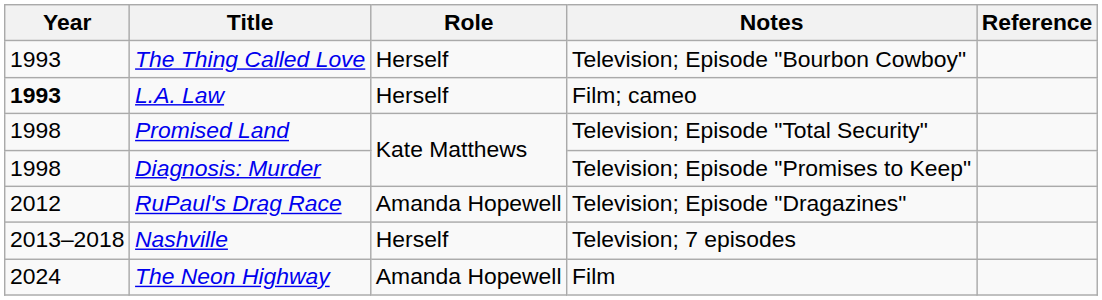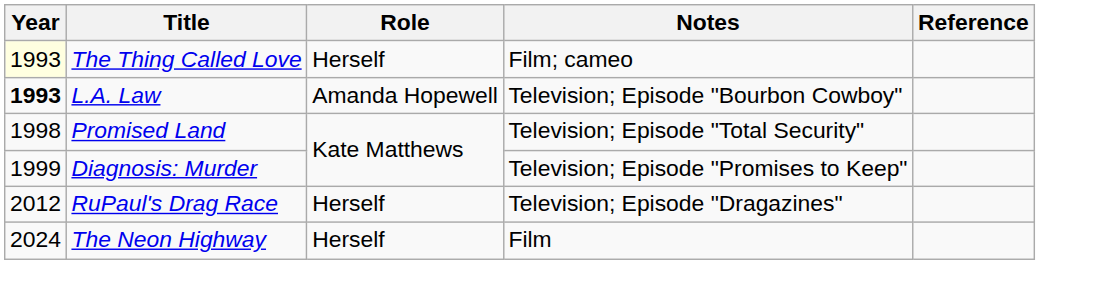 <table class="wikitable sortable">
 <tr>
 <th>Year</th>
 <th>Title</th>
 <th>Role</th>
 <th class="unsortable">Notes</th>
 <th>Reference</th>
 </tr>
 <tr>
-<td>1993</td>
+<td style="background: lightyellow;">1993</td>
 <td><em><a href='#'>The Thing Called Love</a></em></td>
 <td>Herself</td>
-<td>Television; Episode "Bourbon Cowboy"</td>
+<td>Film; cameo</td>
 <td></td>
 </tr>
 <tr>
 <td><strong>1993</strong></td>
 <td><em><a href='#'>L.A. Law</a></em></td>
-<td>Herself</td>
-<td>Film; cameo</td>
+<td>Amanda Hopewell</td>
+<td>Television; Episode "Bourbon Cowboy"</td>
 <td></td>
 </tr>
 <tr>
 <td>1998</td>
 <td><em><a href='#'>Promised Land</a></em></td>
 <td rowspan="2">Kate Matthews</td>
 <td>Television; Episode "Total Security"</td>
 <td></td>
 </tr>
 <tr>
-<td>1998</td>
+<td>1999</td>
 <td><em><a href='#'>Diagnosis: Murder</a></em></td>
 <td>Television; Episode "Promises to Keep"</td>
 <td></td>
 </tr>
 <tr>
 <td>2012</td>
 <td><em><a href='#'>RuPaul's Drag Race</a></em></td>
-<td>Amanda Hopewell</td>
+<td>Herself</td>
 <td>Television; Episode "Dragazines"</td>
-<td></td>
-</tr>
-<tr>
-<td>2013–2018</td>
-<td><em><a href='#'>Nashville</a></em></td>
-<td>Herself</td>
-<td>Television; 7 episodes</td>
 <td></td>
 </tr>
 <tr>
 <td>2024</td>
 <td><em><a href='#'>The Neon Highway</a></em></td>
-<td>Amanda Hopewell</td>
+<td>Herself</td>
 <td>Film</td>
 <td></td>
 </tr>
 </table>
